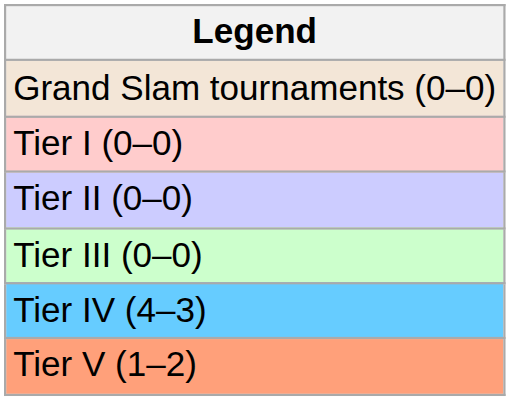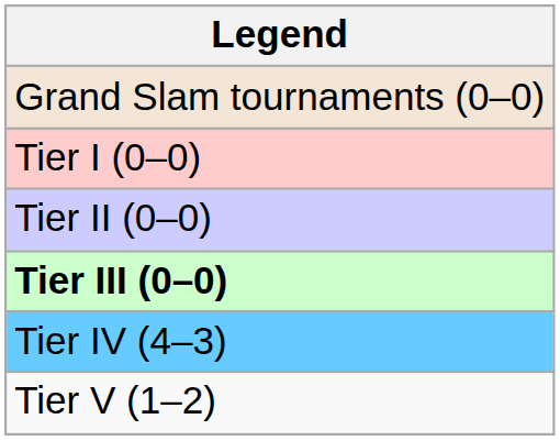 <table class="wikitable sortable mw-collapsible mw-collapsed">
 <tr>
 <th>Legend</th>
 </tr>
 <tr style="background:#f3e6d7;">
 <td>Grand Slam tournaments (0–0)</td>
 </tr>
 <tr style="background:#fcc;">
 <td>Tier I (0–0)</td>
 </tr>
 <tr style="background:#ccf;">
 <td>Tier II (0–0)</td>
 </tr>
 <tr style="background:#cfc;">
-<td>Tier III (0–0)</td>
+<td><strong>Tier III (0–0)</strong></td>
 </tr>
 <tr style="background:#6cf;">
 <td>Tier IV (4–3)</td>
 </tr>
 <tr>
-<td style="background: lightsalmon;">Tier V (1–2)</td>
+<td>Tier V (1–2)</td>
 </tr>
 </table>
